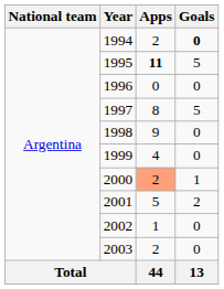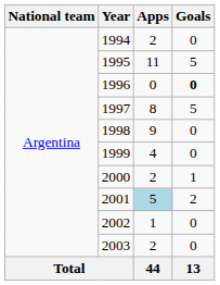 <table class="wikitable" style="text-align:center">
 <tr>
 <th>National team</th>
 <th>Year</th>
 <th>Apps</th>
 <th>Goals</th>
 </tr>
 <tr>
 <td rowspan="10"><a href='#'>Argentina</a></td>
 <td>1994</td>
 <td>2</td>
-<td><strong>0</strong></td>
+<td>0</td>
 </tr>
 <tr>
 <td>1995</td>
-<td><strong>11</strong></td>
+<td>11</td>
 <td>5</td>
 </tr>
 <tr>
 <td>1996</td>
 <td>0</td>
-<td>0</td>
+<td><strong>0</strong></td>
 </tr>
 <tr>
 <td>1997</td>
 <td>8</td>
 <td>5</td>
 </tr>
 <tr>
 <td>1998</td>
 <td>9</td>
 <td>0</td>
 </tr>
 <tr>
 <td>1999</td>
 <td>4</td>
 <td>0</td>
 </tr>
 <tr>
 <td>2000</td>
-<td style="background: lightsalmon;">2</td>
+<td>2</td>
 <td>1</td>
 </tr>
 <tr>
 <td>2001</td>
-<td>5</td>
+<td style="background: lightblue;">5</td>
 <td>2</td>
 </tr>
 <tr>
 <td>2002</td>
 <td>1</td>
 <td>0</td>
 </tr>
 <tr>
 <td>2003</td>
 <td>2</td>
 <td>0</td>
 </tr>
 <tr>
 <th colspan="2">Total</th>
 <th>44</th>
 <th>13</th>
 </tr>
 </table>
